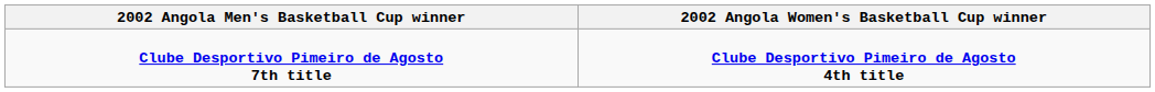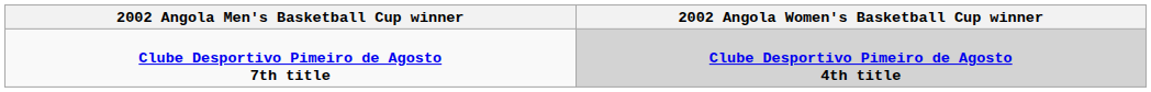 <table class=wikitable style="text-align:center; width: 1000px; margin:auto">
 <tr>
 <th width=600px>2002 Angola Men's Basketball Cup winner</th>
 <th width=600px>2002 Angola Women's Basketball Cup winner</th>
 </tr>
 <tr>
 <td><br><strong><a href='#'>Clube Desportivo Pimeiro de Agosto</a></strong><br><strong>7th title</strong></td>
-<td><br><strong><a href='#'>Clube Desportivo Pimeiro de Agosto</a></strong><br><strong>4th title</strong></td>
+<td style="background: lightgrey;"><br><strong><a href='#'>Clube Desportivo Pimeiro de Agosto</a></strong><br><strong>4th title</strong></td>
 </tr>
 </table>
